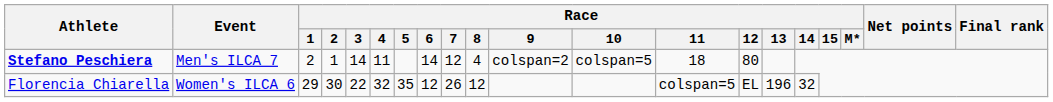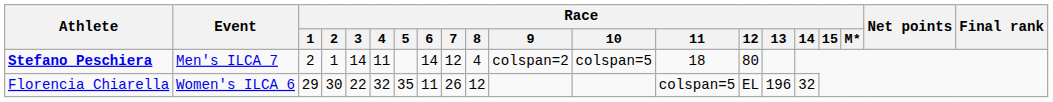 <table class="wikitable" style="font-size:90%">
 <tr>
 <th rowspan="2">Athlete</th>
 <th rowspan="2">Event</th>
 <th colspan=16>Race</th>
 <th rowspan=2>Net points</th>
 <th rowspan=2>Final rank</th>
 </tr>
 <tr style="font-size:95%">
 <th>1</th>
 <th>2</th>
 <th>3</th>
 <th>4</th>
 <th>5</th>
 <th>6</th>
 <th>7</th>
 <th>8</th>
 <th>9</th>
 <th>10</th>
 <th>11</th>
 <th>12</th>
 <th>13</th>
 <th>14</th>
 <th>15</th>
 <th>M*</th>
 </tr>
 <tr align=center>
 <td align=left><strong><a href='#'>Stefano Peschiera</a></strong></td>
 <td align=left><a href='#'>Men's ILCA 7</a></td>
 <td>2</td>
 <td>1</td>
 <td>14</td>
 <td>11</td>
 <td></td>
 <td>14</td>
 <td>12</td>
 <td>4</td>
 <td>colspan=2 </td>
 <td>colspan=5 </td>
 <td>18</td>
 <td>80</td>
 <td></td>
 </tr>
 <tr align=center>
 <td align=left><a href='#'>Florencia Chiarella</a></td>
 <td align=left><a href='#'>Women's ILCA 6</a></td>
 <td>29</td>
 <td>30</td>
 <td>22</td>
 <td>32</td>
 <td>35</td>
-<td>12</td>
+<td>11</td>
 <td>26</td>
 <td>12</td>
 <td></td>
 <td></td>
 <td>colspan=5 </td>
 <td>EL</td>
 <td>196</td>
 <td>32</td>
 </tr>
 </table>
